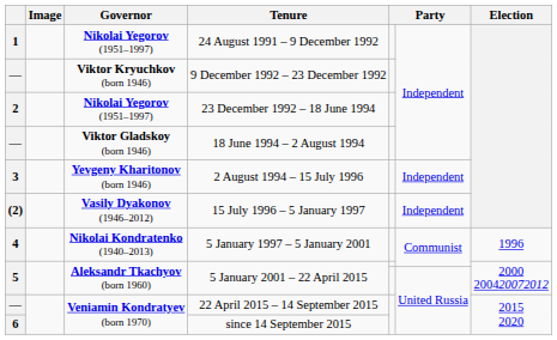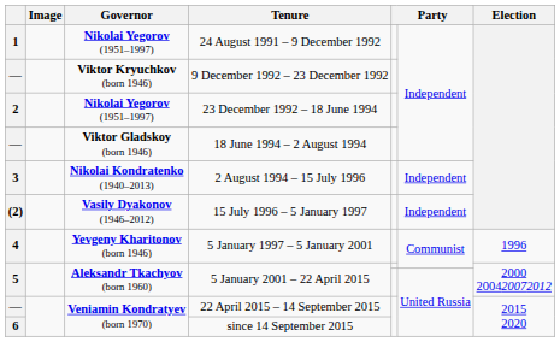 <table class="wikitable" style="text-align:center">
 <tr>
 <th></th>
 <th>Image</th>
 <th>Governor</th>
 <th>Tenure</th>
 <th colspan=2>Party</th>
 <th>Election</th>
 </tr>
 <tr>
 <th>1</th>
 <td></td>
 <td><strong><a href='#'>Nikolai Yegorov</a></strong><br><small>(1951–1997)</small></td>
 <td>24 August 1991 – 9 December 1992</td>
 <td style="background:"></td>
 <td rowspan=4><a href='#'>Independent</a></td>
 <th rowspan=6></th>
 </tr>
 <tr>
 <th>—</th>
 <td></td>
 <td><strong>Viktor Kryuchkov</strong><br><small>(born 1946)</small></td>
 <td>9 December 1992 – 23 December 1992</td>
 <td style="background:"></td>
 </tr>
 <tr>
 <th>2</th>
 <td></td>
 <td><strong><a href='#'>Nikolai Yegorov</a></strong><br><small>(1951–1997)</small></td>
 <td>23 December 1992 – 18 June 1994</td>
 <td style="background:"></td>
 </tr>
 <tr>
 <th>—</th>
 <td></td>
 <td><strong>Viktor Gladskoy</strong><br><small>(born 1946)</small></td>
 <td>18 June 1994 – 2 August 1994</td>
 <td style="background:"></td>
 </tr>
 <tr>
 <th>3</th>
 <td></td>
-<td><strong><a href='#'>Yevgeny Kharitonov</a></strong><br><small>(born 1946)</small></td>
+<td><strong><a href='#'>Nikolai Kondratenko</a></strong><br><small>(1940–2013)</small></td>
 <td>2 August 1994 – 15 July 1996</td>
 <td style="background:"></td>
 <td><a href='#'>Independent</a></td>
 </tr>
 <tr>
 <th>(2)</th>
 <td></td>
 <td><strong><a href='#'>Vasily Dyakonov</a></strong><br><small>(1946–2012)</small></td>
 <td>15 July 1996 – 5 January 1997</td>
 <td style="background:"></td>
 <td><a href='#'>Independent</a></td>
 </tr>
 <tr>
 <th>4</th>
 <td></td>
-<td><strong><a href='#'>Nikolai Kondratenko</a></strong><br><small>(1940–2013)</small></td>
+<td><strong><a href='#'>Yevgeny Kharitonov</a></strong><br><small>(born 1946)</small></td>
 <td>5 January 1997 – 5 January 2001</td>
 <td style="background:"></td>
 <td rowspan=2><a href='#'>Communist</a></td>
 <td><a href='#'>1996</a></td>
 </tr>
 <tr>
 <th rowspan=2>5</th>
 <td rowspan=2></td>
 <td rowspan=2><strong><a href='#'>Aleksandr Tkachyov</a></strong><br><small>(born 1960)</small></td>
 <td rowspan=2>5 January 2001 – 22 April 2015</td>
 <td style="background:"></td>
 <td rowspan=2><a href='#'>2000</a><br><a href='#'>2004</a><em><a href='#'>2007</a></em><em><a href='#'>2012</a></em></td>
 </tr>
 <tr>
 <td style="background:"></td>
 <td rowspan=3><a href='#'>United Russia</a></td>
 </tr>
 <tr>
 <th>—</th>
 <td rowspan=2></td>
 <td rowspan=2><strong><a href='#'>Veniamin Kondratyev</a></strong><br><small>(born 1970)</small></td>
 <td>22 April 2015 – 14 September 2015</td>
 <td rowspan=2; style="background:"></td>
 <td rowspan=2><a href='#'>2015</a><br><a href='#'>2020</a></td>
 </tr>
 <tr>
 <th>6</th>
 <td>since 14 September 2015</td>
 </tr>
 </table>
